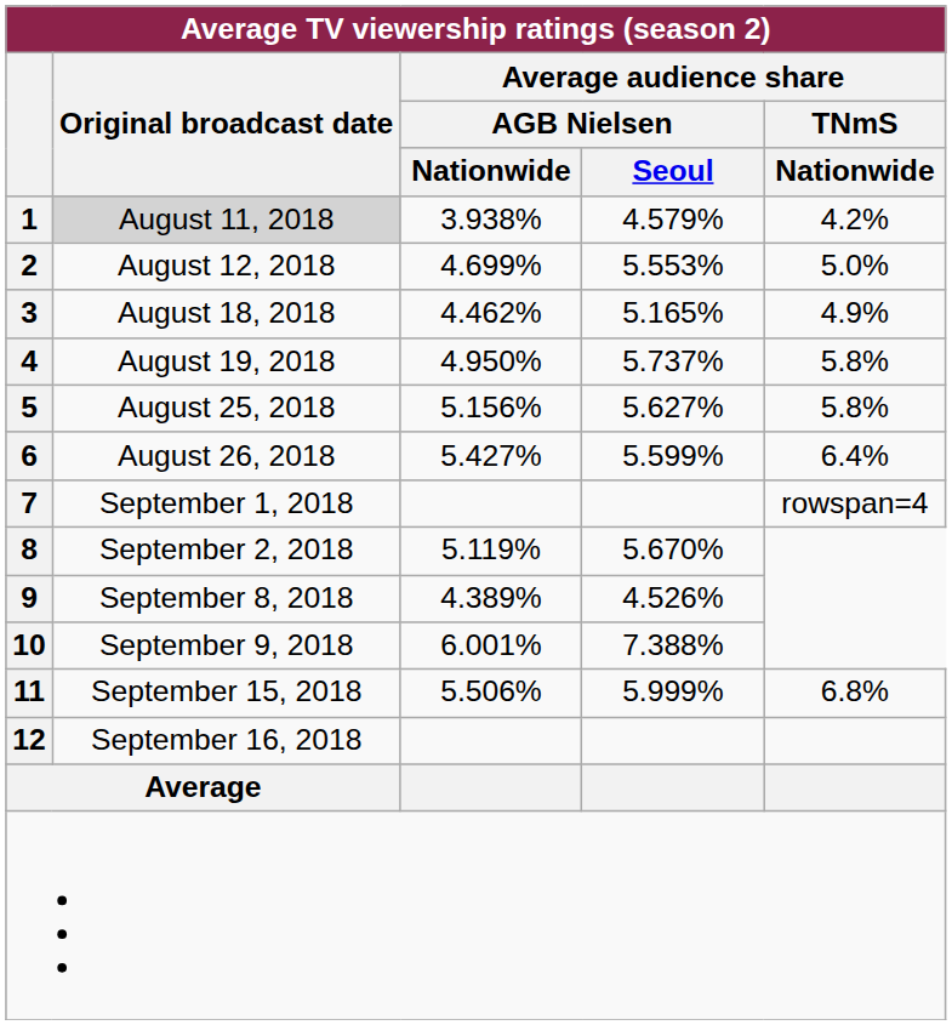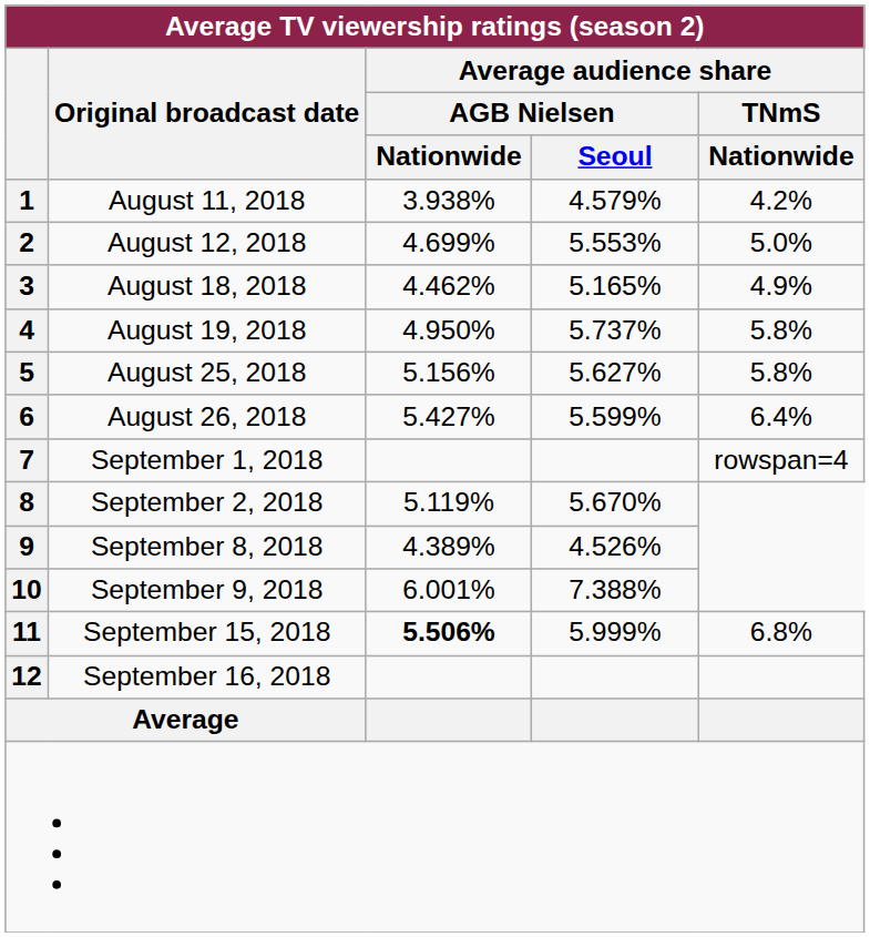 <table role="presentation" class="wikitable mw-collapsible mw-collapsed innercollapse" style="text-align:center;max-width:550px; margin-left: auto; margin-right: auto; border: none;">
 <tr>
 <th colspan="6" style="background:#8C224A; text-align:centre;color:white">Average TV viewership ratings (season 2)</th>
 </tr>
 <tr>
 <th rowspan="3"></th>
 <th rowspan="3">Original broadcast date</th>
 <th colspan="4">Average audience share</th>
 </tr>
 <tr>
 <th colspan="2">AGB Nielsen</th>
 <th>TNmS</th>
 </tr>
 <tr>
 <th width="90">Nationwide</th>
 <th width="90"><a href='#'>Seoul</a></th>
 <th width="90">Nationwide</th>
 </tr>
 <tr>
 <th>1</th>
-<td style="background: lightgrey;">August 11, 2018</td>
+<td>August 11, 2018</td>
 <td>3.938%</td>
 <td>4.579%</td>
 <td>4.2%</td>
 </tr>
 <tr>
 <th>2</th>
 <td>August 12, 2018</td>
 <td>4.699%</td>
 <td>5.553%</td>
 <td>5.0%</td>
 </tr>
 <tr>
 <th>3</th>
 <td>August 18, 2018</td>
 <td>4.462%</td>
 <td>5.165%</td>
 <td>4.9%</td>
 </tr>
 <tr>
 <th>4</th>
 <td>August 19, 2018</td>
 <td>4.950%</td>
 <td>5.737%</td>
 <td>5.8%</td>
 </tr>
 <tr>
 <th>5</th>
 <td>August 25, 2018</td>
 <td>5.156%</td>
 <td>5.627%</td>
 <td>5.8%</td>
 </tr>
 <tr>
 <th>6</th>
 <td>August 26, 2018</td>
 <td>5.427%</td>
 <td>5.599%</td>
 <td>6.4%</td>
 </tr>
 <tr>
 <th>7</th>
 <td>September 1, 2018</td>
 <td></td>
 <td></td>
 <td>rowspan=4 </td>
 </tr>
 <tr>
 <th>8</th>
 <td>September 2, 2018</td>
 <td>5.119%</td>
 <td>5.670%</td>
 </tr>
 <tr>
 <th>9</th>
 <td>September 8, 2018</td>
 <td>4.389%</td>
 <td>4.526%</td>
 </tr>
 <tr>
 <th>10</th>
 <td>September 9, 2018</td>
 <td>6.001%</td>
 <td>7.388%</td>
 </tr>
 <tr>
 <th>11</th>
 <td>September 15, 2018</td>
-<td>5.506%</td>
+<td><strong>5.506%</strong></td>
 <td>5.999%</td>
 <td>6.8%</td>
 </tr>
 <tr>
 <th>12</th>
 <td>September 16, 2018</td>
 <td></td>
 <td></td>
 <td></td>
 </tr>
 <tr>
 <th colspan="2">Average</th>
 <th></th>
 <th></th>
 <th></th>
 </tr>
 <tr>
 <td colspan="6"><br><ul><li></li><li></li><li></li></ul></td>
 </tr>
 </table>
